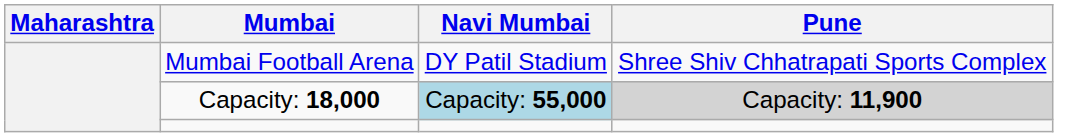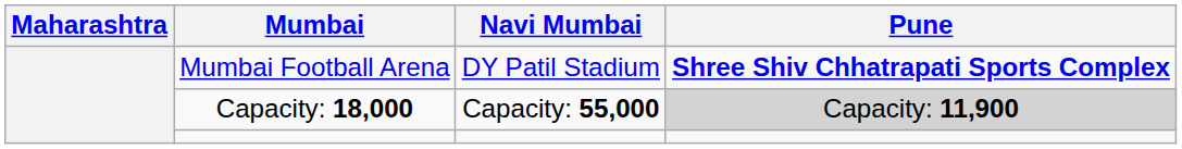 <table class="wikitable" style="text-align:center">
 <tr>
 <th><a href='#'>Maharashtra</a></th>
 <th><a href='#'>Mumbai</a></th>
 <th><a href='#'>Navi Mumbai</a></th>
 <th><a href='#'>Pune</a></th>
 </tr>
 <tr>
 <th rowspan="3"></th>
 <td><a href='#'>Mumbai Football Arena</a></td>
 <td><a href='#'>DY Patil Stadium</a></td>
-<td><a href='#'>Shree Shiv Chhatrapati Sports Complex</a></td>
+<td><strong><a href='#'>Shree Shiv Chhatrapati Sports Complex</a></strong></td>
 </tr>
 <tr>
 <td>Capacity: <strong>18,000</strong></td>
-<td style="background: lightblue;">Capacity: <strong>55,000</strong></td>
+<td>Capacity: <strong>55,000</strong></td>
 <td style="background: lightgrey;">Capacity: <strong>11,900</strong></td>
 </tr>
 <tr>
 <td></td>
 <td></td>
 <td></td>
 </tr>
 </table>
